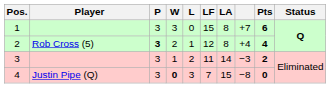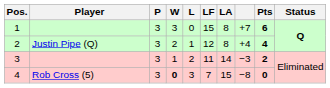 <table class="wikitable" style="text-align:center; margin: 1em auto 1em auto, align:left">
 <tr>
 <th width=20>Pos.</th>
 <th width=185>Player</th>
 <th width=20>P</th>
 <th width=20>W</th>
 <th width=20>L</th>
 <th width=20>LF</th>
 <th width=20>LA</th>
 <th width=25></th>
 <th width=20>Pts</th>
 <th width=70>Status</th>
 </tr>
 <tr style="background:#CCFFCC;">
 <td>1</td>
 <td align=left></td>
 <td>3</td>
 <td>3</td>
 <td>0</td>
 <td>15</td>
 <td>8</td>
 <td>+7</td>
 <td><strong>6</strong></td>
 <td rowspan=2><strong>Q</strong></td>
 </tr>
 <tr style="background:#CCFFCC;">
 <td>2</td>
-<td align=left> <a href='#'>Rob Cross</a> (5)</td>
-<td><strong>3</strong></td>
+<td align=left> <a href='#'>Justin Pipe</a> (Q)</td>
+<td>3</td>
 <td>2</td>
 <td>1</td>
 <td>12</td>
 <td>8</td>
 <td>+4</td>
 <td><strong>4</strong></td>
 </tr>
 <tr style="background:#FFCCCC;">
 <td>3</td>
 <td align=left></td>
 <td>3</td>
 <td>1</td>
 <td>2</td>
 <td>11</td>
 <td>14</td>
 <td>−3</td>
 <td><strong>2</strong></td>
 <td rowspan=2>Eliminated</td>
 </tr>
 <tr style="background:#FFCCCC;">
 <td>4</td>
-<td align=left> <a href='#'>Justin Pipe</a> (Q)</td>
+<td align=left> <a href='#'>Rob Cross</a> (5)</td>
 <td>3</td>
 <td><strong>0</strong></td>
 <td>3</td>
 <td>7</td>
 <td>15</td>
 <td>−8</td>
 <td><strong>0</strong></td>
 </tr>
 </table>
